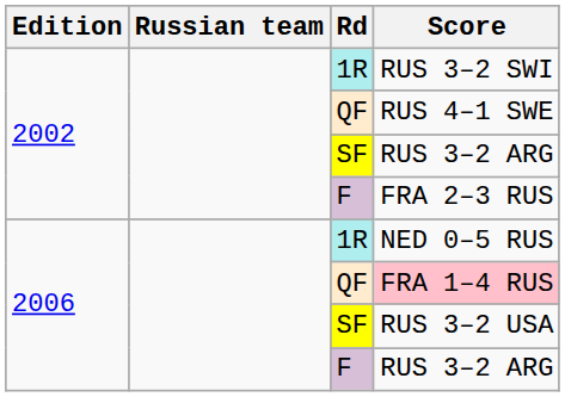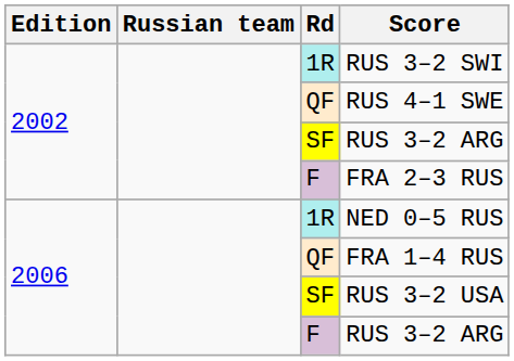 <table class="wikitable sortable">
 <tr>
 <th scope="col" class="unsortable">Edition</th>
 <th scope="col" class="unsortable">Russian team</th>
 <th scope="col">Rd</th>
 <th scope="col" class="unsortable">Score</th>
 </tr>
 <tr>
 <td rowspan="4"><a href='#'>2002</a></td>
 <td rowspan="4"><br><br><br></td>
 <td bgcolor=afeeee data-sort-value="1R">1R</td>
 <td>RUS 3–2 SWI</td>
 </tr>
 <tr>
 <td bgcolor=ffebcd data-sort-value="2R">QF</td>
 <td>RUS 4–1 SWE</td>
 </tr>
 <tr>
 <td bgcolor=yellow data-sort-value="3R">SF</td>
 <td>RUS 3–2 ARG</td>
 </tr>
 <tr>
 <td bgcolor=thistle data-sort-value="4R">F</td>
 <td>FRA 2–3 RUS</td>
 </tr>
 <tr>
 <td rowspan="4"><a href='#'>2006</a></td>
 <td rowspan="4"><br><br><br><br></td>
 <td bgcolor=afeeee data-sort-value="1R">1R</td>
 <td>NED 0–5 RUS</td>
 </tr>
 <tr>
 <td bgcolor=ffebcd data-sort-value="2R">QF</td>
-<td style="background: pink;">FRA 1–4 RUS</td>
+<td>FRA 1–4 RUS</td>
 </tr>
 <tr>
 <td bgcolor=yellow data-sort-value="3R">SF</td>
 <td>RUS 3–2 USA</td>
 </tr>
 <tr>
 <td bgcolor=thistle data-sort-value="4R">F</td>
 <td>RUS 3–2 ARG</td>
 </tr>
 </table>
